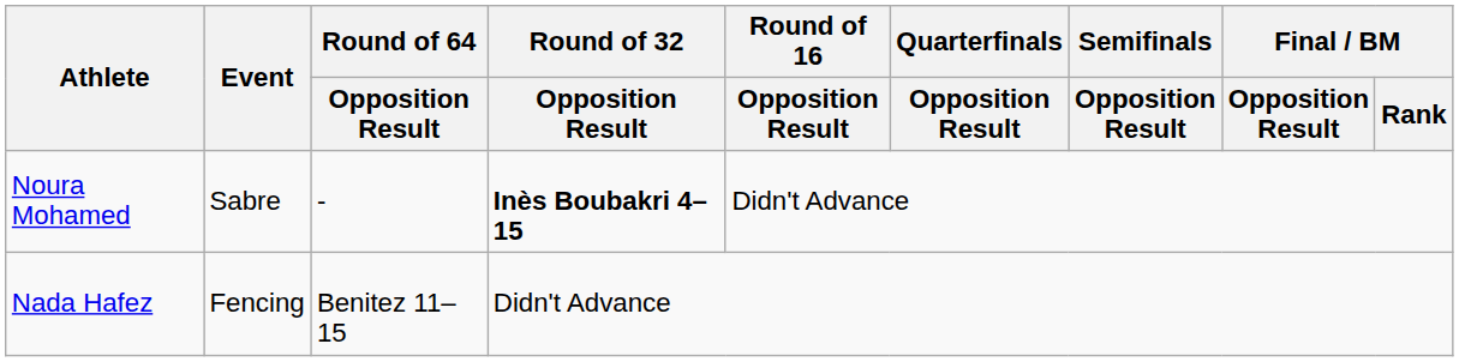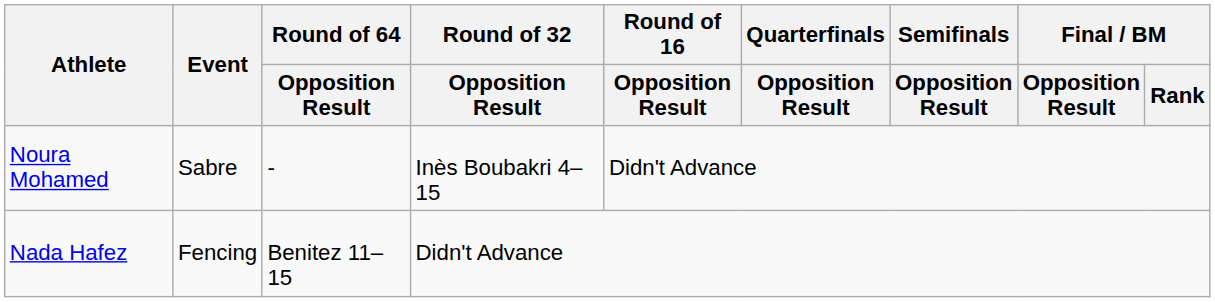 <table class="wikitable">
 <tr>
 <th rowspan="2">Athlete</th>
 <th rowspan="2">Event</th>
 <th>Round of 64</th>
 <th>Round of 32</th>
 <th>Round of 16</th>
 <th>Quarterfinals</th>
 <th>Semifinals</th>
 <th colspan="2">Final / <abbr>BM</abbr></th>
 </tr>
 <tr>
 <th>Opposition<br>Result</th>
 <th>Opposition<br>Result</th>
 <th>Opposition<br>Result</th>
 <th>Opposition<br>Result</th>
 <th>Opposition<br>Result</th>
 <th>Opposition<br>Result</th>
 <th>Rank</th>
 </tr>
 <tr>
 <td><a href='#'>Noura Mohamed</a></td>
 <td>Sabre</td>
 <td>-</td>
-<td><strong><br>Inès Boubakri 4–15</strong></td>
+<td><br>Inès Boubakri 4–15</td>
 <td colspan="5">Didn't Advance</td>
 </tr>
 <tr>
 <td><a href='#'>Nada Hafez</a></td>
 <td>Fencing</td>
 <td><br>Benitez 11–15</td>
 <td colspan="6">Didn't Advance</td>
 </tr>
 </table>
